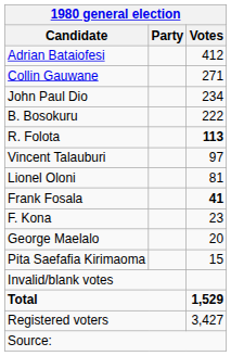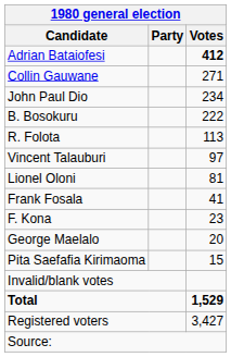 <table class=wikitable style=text-align:left>
 <tr>
 <th colspan=3><a href='#'>1980 general election</a></th>
 </tr>
 <tr>
 <th>Candidate</th>
 <th>Party</th>
 <th>Votes</th>
 </tr>
 <tr>
 <td><a href='#'>Adrian Bataiofesi</a></td>
 <td></td>
-<td align=right>412</td>
+<td align=right><strong>412</strong></td>
 </tr>
 <tr>
 <td><a href='#'>Collin Gauwane</a></td>
 <td></td>
 <td align=right>271</td>
 </tr>
 <tr>
 <td>John Paul Dio</td>
 <td></td>
 <td align=right>234</td>
 </tr>
 <tr>
 <td>B. Bosokuru</td>
 <td></td>
 <td align=right>222</td>
 </tr>
 <tr>
 <td>R. Folota</td>
 <td></td>
-<td align=right><strong>113</strong></td>
+<td align=right>113</td>
 </tr>
 <tr>
 <td>Vincent Talauburi</td>
 <td></td>
 <td align=right>97</td>
 </tr>
 <tr>
 <td>Lionel Oloni</td>
 <td></td>
 <td align=right>81</td>
 </tr>
 <tr>
 <td>Frank Fosala</td>
 <td></td>
-<td align=right><strong>41</strong></td>
+<td align=right>41</td>
 </tr>
 <tr>
 <td>F. Kona</td>
 <td></td>
 <td align=right>23</td>
 </tr>
 <tr>
 <td>George Maelalo</td>
 <td></td>
 <td align=right>20</td>
 </tr>
 <tr>
 <td>Pita Saefafia Kirimaoma</td>
 <td></td>
 <td align=right>15</td>
 </tr>
 <tr>
 <td colspan=2>Invalid/blank votes</td>
 <td align=right></td>
 </tr>
 <tr>
 <td colspan=2><strong>Total</strong></td>
 <td align=right><strong>1,529</strong></td>
 </tr>
 <tr>
 <td colspan=2>Registered voters</td>
 <td align=right>3,427</td>
 </tr>
 <tr>
 <td colspan=3>Source: </td>
 </tr>
 </table>
